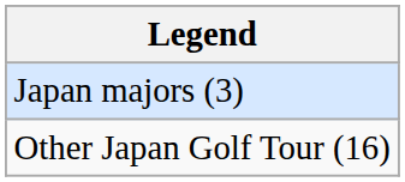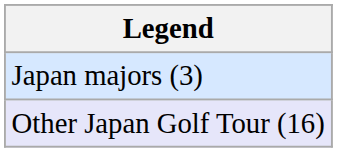 <table class="wikitable" style="font-size:95%;">
 <tr>
 <th>Legend</th>
 </tr>
 <tr style="background:#D6E8FF;">
 <td>Japan majors (3)</td>
 </tr>
 <tr>
-<td>Other Japan Golf Tour (16)</td>
+<td style="background: lavender;">Other Japan Golf Tour (16)</td>
 </tr>
 </table>
